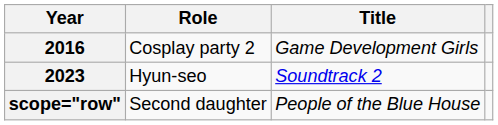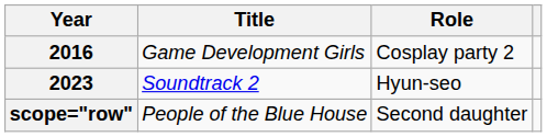 <table class="wikitable plainrowheaders sortable">
 <tr>
 <th scope="col">Year</th>
+<th scope="col">Title</th>
 <th scope="col">Role</th>
-<th scope="col">Title</th>
 <th scope="col" class="unsortable"></th>
 </tr>
 <tr>
 <th scope="row">2016</th>
+<td><em>Game Development Girls</em></td>
 <td>Cosplay party 2</td>
-<td><em>Game Development Girls</em></td>
 <td style="text-align:center"></td>
 </tr>
 <tr>
 <th scope="row">2023</th>
+<td><em><a href='#'>Soundtrack 2</a></em></td>
 <td>Hyun-seo</td>
-<td><em><a href='#'>Soundtrack 2</a></em></td>
 <td style="text-align:center"></td>
 </tr>
 <tr>
 <th>scope="row" </th>
+<td><em>People of the Blue House</em></td>
 <td>Second daughter</td>
-<td><em>People of the Blue House</em></td>
 <td style="text-align:center"></td>
 </tr>
 </table>
